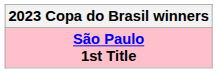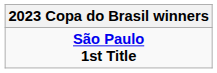 <table class="wikitable" style="text-align: center; margin: 0 auto;">
 <tr>
 <th>2023 Copa do Brasil winners</th>
 </tr>
 <tr>
-<td style="background: pink;"><strong><a href='#'>São Paulo</a></strong><br><strong>1st Title</strong></td>
+<td><strong><a href='#'>São Paulo</a></strong><br><strong>1st Title</strong></td>
 </tr>
 </table>
